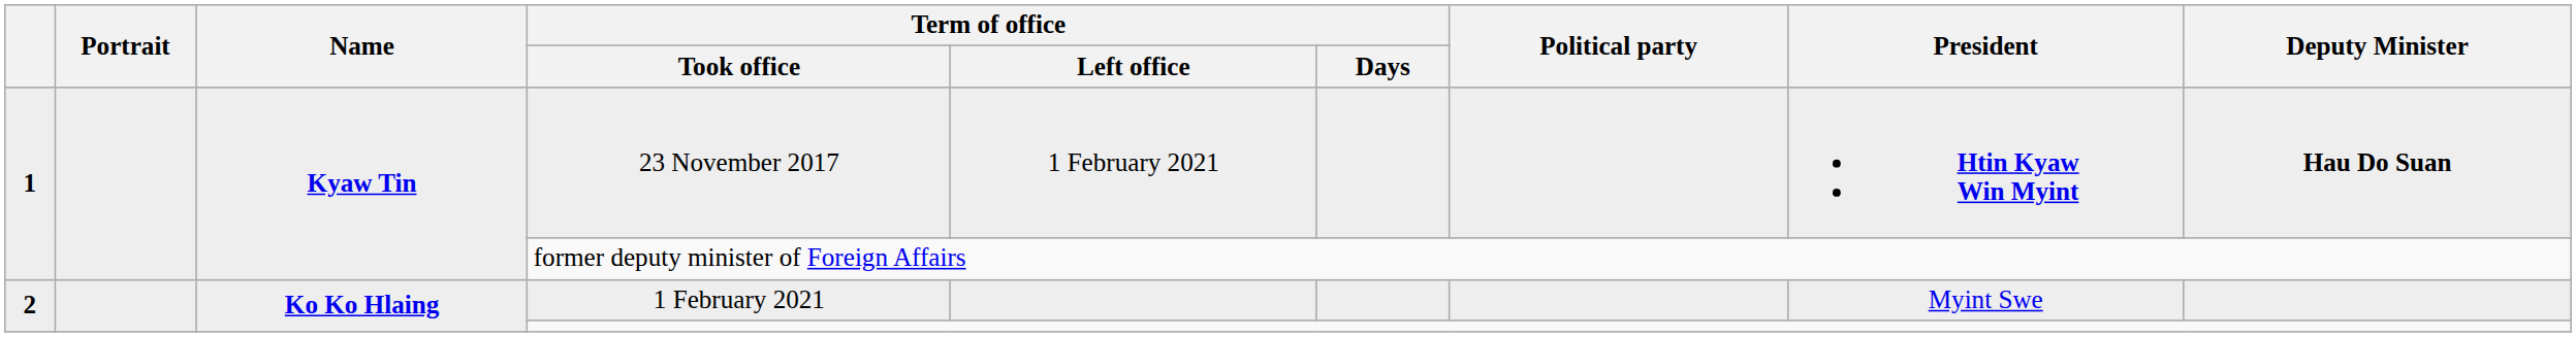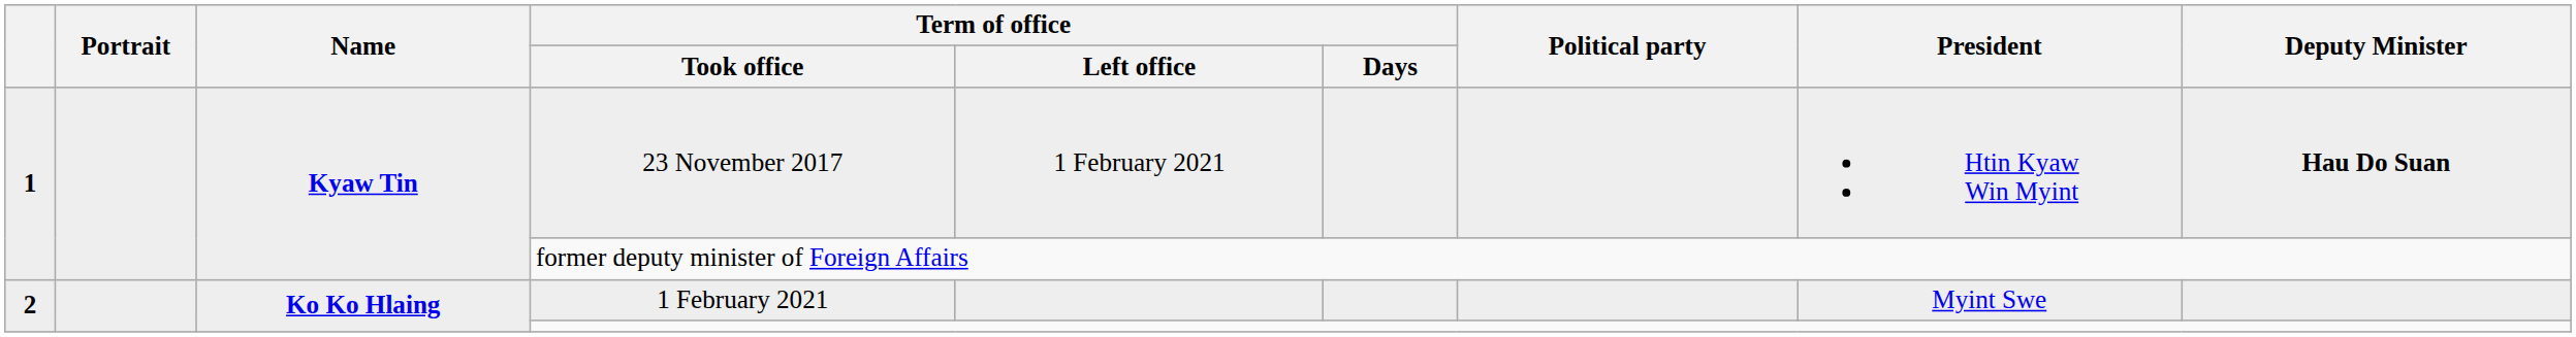 <table class="wikitable" style="text-align:center; width:100%; border:1px #AAAAFF solid">
 <tr>
 <th rowspan=2></th>
 <th width=80 rowspan=2>Portrait</th>
 <th rowspan=2>Name</th>
 <th colspan=3>Term of office</th>
 <th rowspan=2>Political party</th>
 <th rowspan=2 colspan=1>President</th>
 <th rowspan=2>Deputy Minister</th>
 </tr>
 <tr>
 <th>Took office</th>
 <th>Left office</th>
 <th>Days</th>
 </tr>
 <tr style="background:#EEEEEE">
 <td rowspan=2 style="background:"><strong>1</strong></td>
 <td rowspan=2></td>
 <td rowspan=2><strong><a href='#'>Kyaw Tin</a></strong></td>
 <td>23 November 2017</td>
 <td>1 February 2021</td>
 <td></td>
 <td></td>
-<td><strong><br><ul><li><a href='#'>Htin Kyaw</a></li><li><a href='#'>Win Myint</a></li></ul></strong></td>
+<td><br><ul><li><a href='#'>Htin Kyaw</a></li><li><a href='#'>Win Myint</a></li></ul></td>
 <td><strong>Hau Do Suan</strong></td>
 </tr>
 <tr>
 <td colspan="6" align="left">former deputy minister of <a href='#'>Foreign Affairs</a></td>
 </tr>
 <tr style="background:#EEEEEE">
 <td rowspan=2 style="background:"><strong>2</strong></td>
 <td rowspan=2></td>
 <td rowspan=2><strong><a href='#'>Ko Ko Hlaing</a></strong></td>
 <td>1 February 2021</td>
 <td></td>
 <td></td>
 <td></td>
 <td><a href='#'>Myint Swe</a> </td>
 <td></td>
 </tr>
 <tr>
 <td colspan="6" align="left"></td>
 </tr>
 </table>
